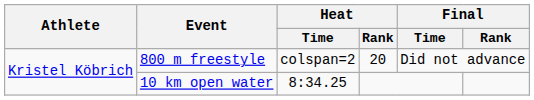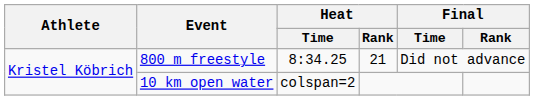 <table class=wikitable style="font-size:90%">
 <tr>
 <th rowspan="2">Athlete</th>
 <th rowspan="2">Event</th>
 <th colspan="2">Heat</th>
 <th colspan="2">Final</th>
 </tr>
 <tr style="font-size:95%">
 <th>Time</th>
 <th>Rank</th>
 <th>Time</th>
 <th>Rank</th>
 </tr>
 <tr align=center>
 <td align=left rowspan=2><a href='#'>Kristel Köbrich</a></td>
 <td align=left><a href='#'>800 m freestyle</a></td>
-<td>colspan=2 </td>
-<td>20</td>
+<td>8:34.25</td>
+<td>21</td>
 <td colspan=2>Did not advance</td>
 </tr>
 <tr align=center>
 <td align=left><a href='#'>10 km open water</a></td>
-<td>8:34.25</td>
+<td>colspan=2 </td>
 <td colspan=2></td>
 </tr>
 </table>
